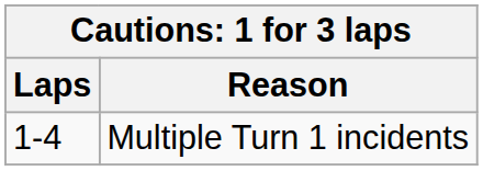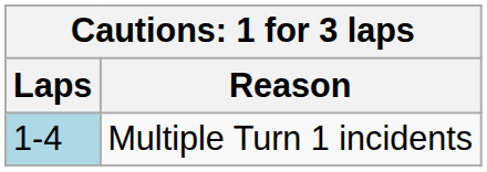 <table class="wikitable">
 <tr>
 <th colspan=2>Cautions: 1 for 3 laps</th>
 </tr>
 <tr>
 <th>Laps</th>
 <th>Reason</th>
 </tr>
 <tr>
-<td>1-4</td>
+<td style="background: lightblue;">1-4</td>
 <td>Multiple Turn 1 incidents</td>
 </tr>
 </table>
